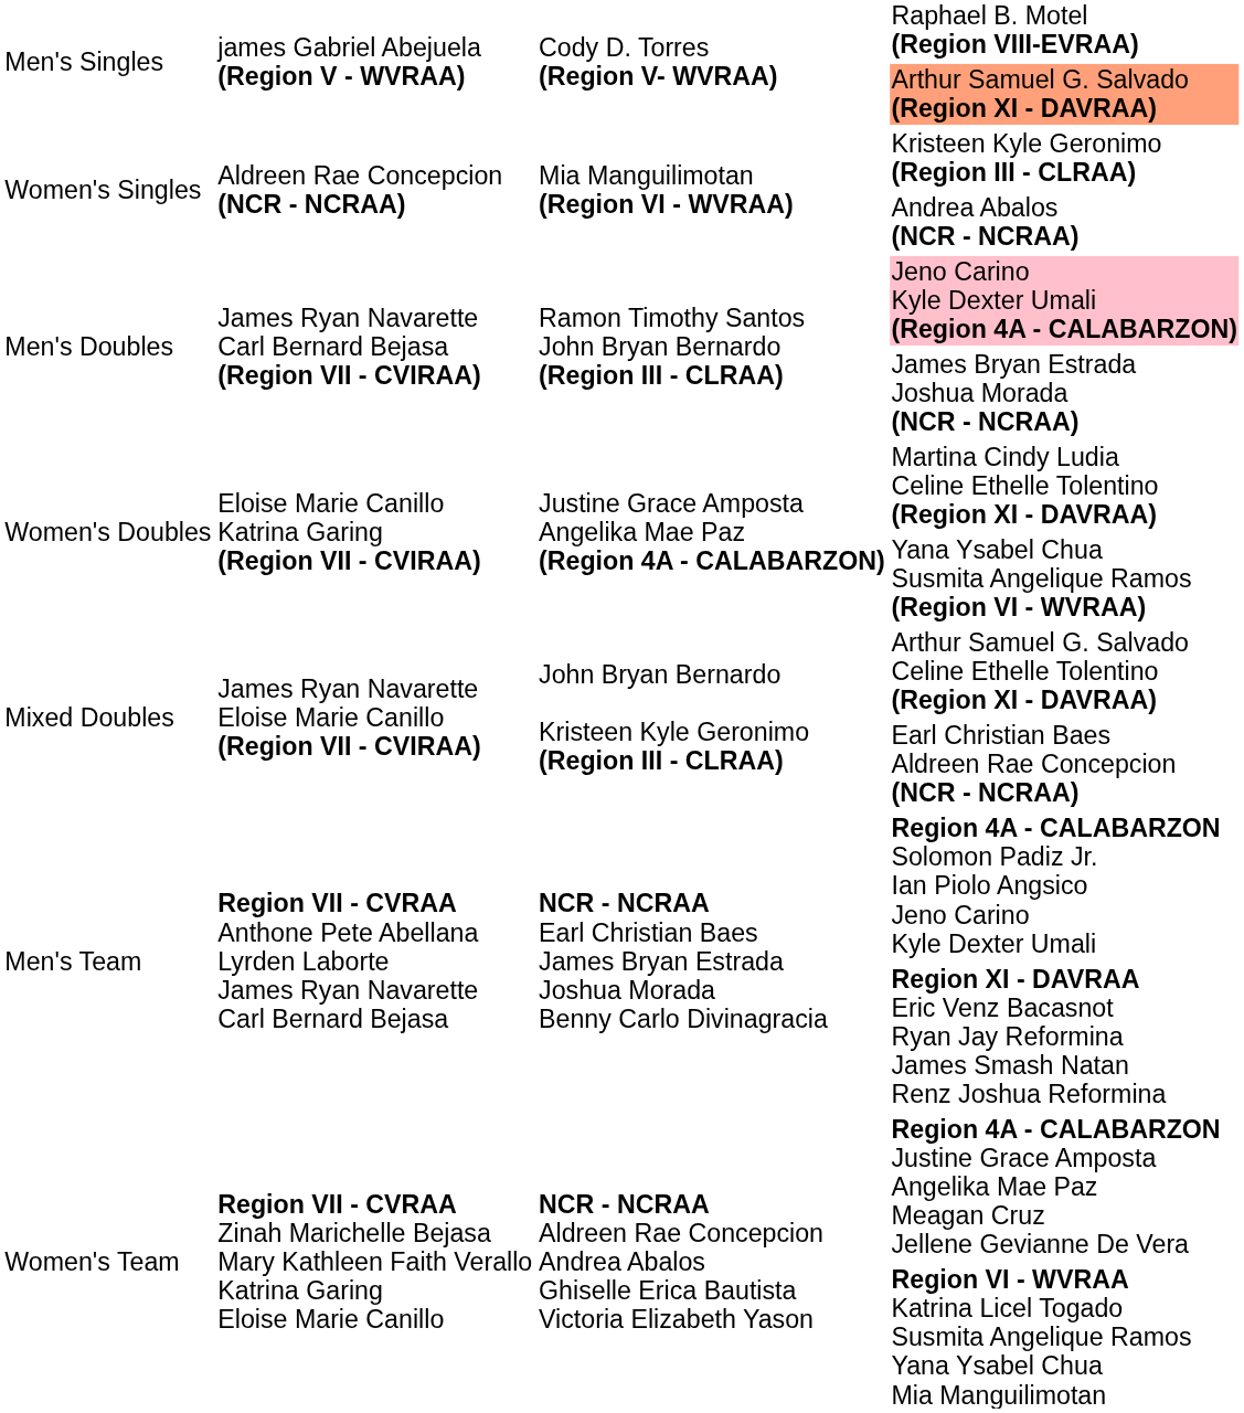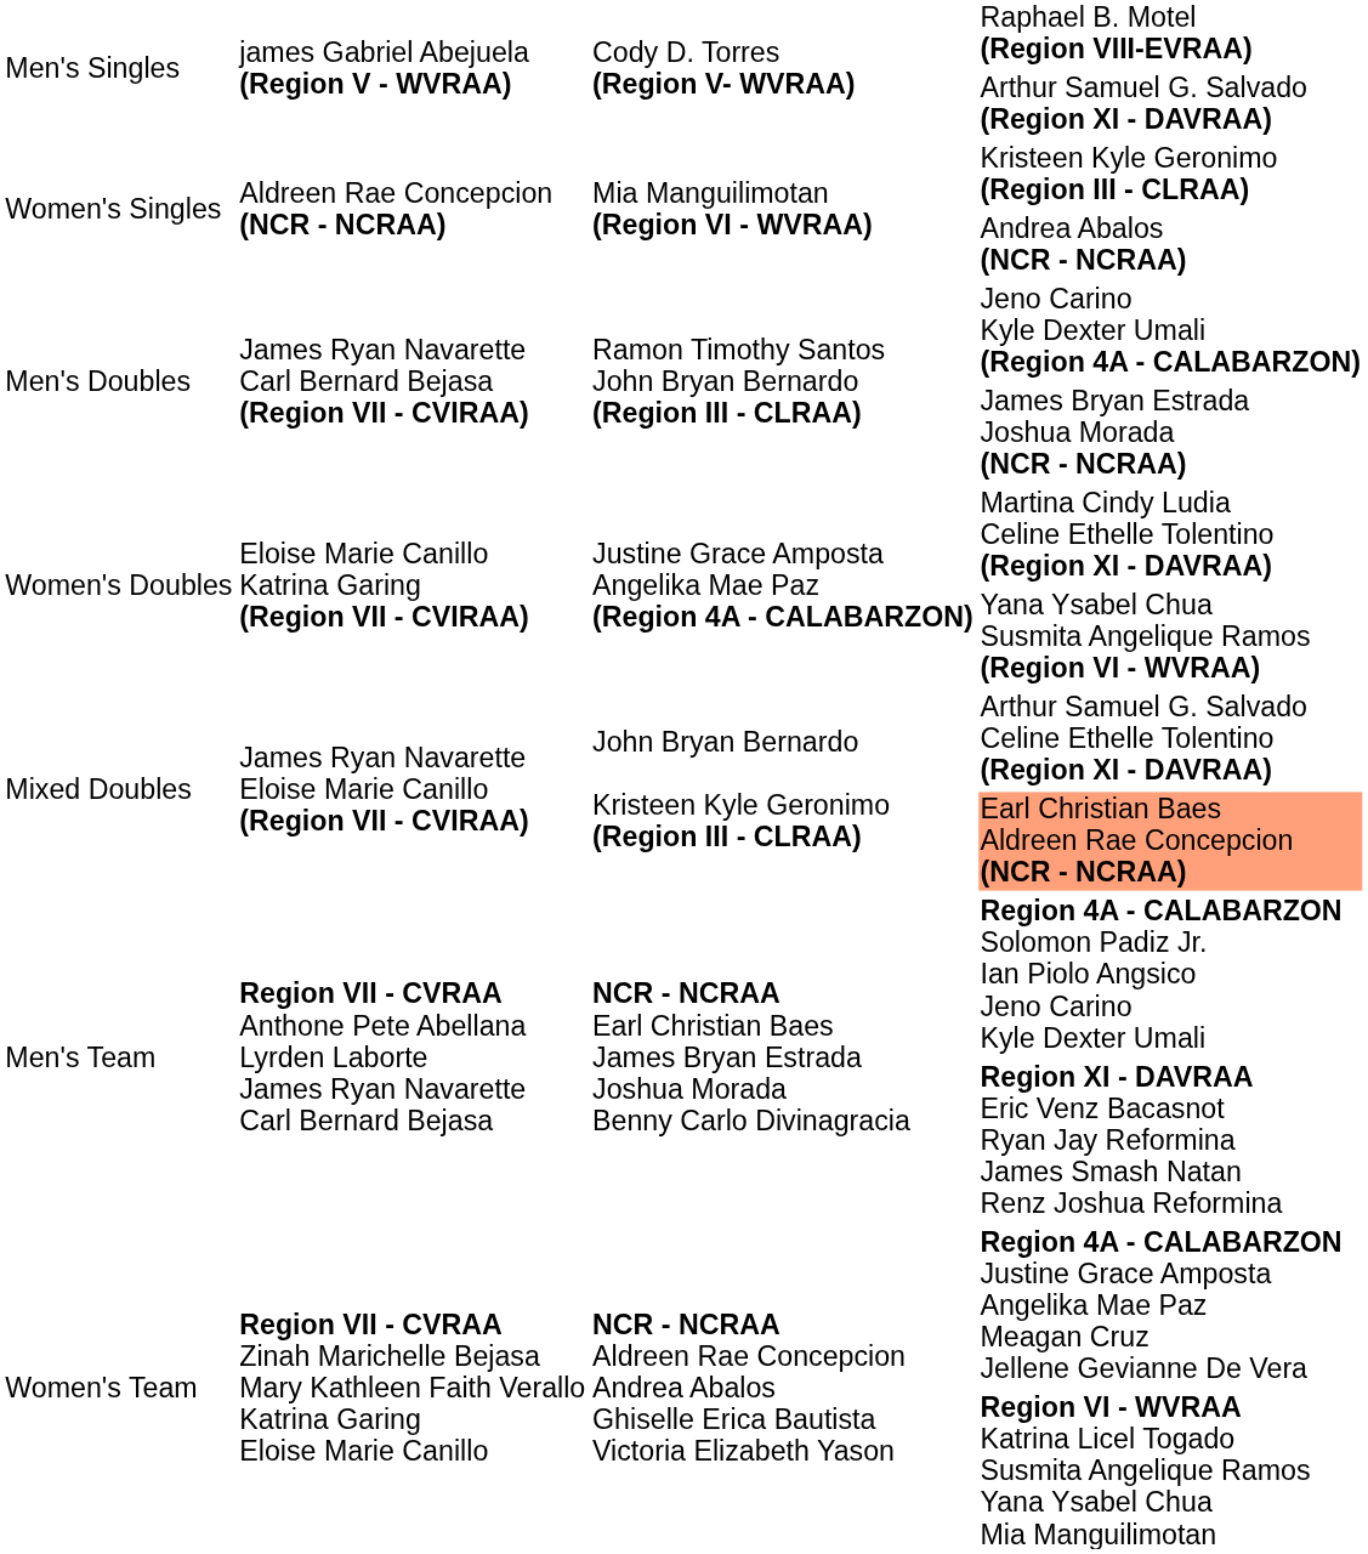 <table>
 <tr>
 <td rowspan=2>Men's Singles</td>
 <td rowspan=2>james Gabriel Abejuela<br><strong>(Region V - WVRAA)</strong></td>
 <td rowspan=2>Cody D. Torres <br><strong>(Region V- WVRAA)</strong></td>
 <td>Raphael B. Motel<br><strong>(Region VIII-EVRAA)</strong></td>
 </tr>
 <tr>
-<td style="background: lightsalmon;">Arthur Samuel G. Salvado<br><strong>(Region XI - DAVRAA)</strong></td>
+<td>Arthur Samuel G. Salvado<br><strong>(Region XI - DAVRAA)</strong></td>
 </tr>
 <tr>
 <td rowspan=2>Women's Singles</td>
 <td rowspan=2>Aldreen Rae Concepcion<br><strong>(NCR - NCRAA)</strong></td>
 <td rowspan=2>Mia Manguilimotan<br><strong>(Region VI - WVRAA)</strong></td>
 <td>Kristeen Kyle Geronimo<br><strong>(Region III - CLRAA)</strong></td>
 </tr>
 <tr>
 <td>Andrea Abalos<br><strong>(NCR - NCRAA)</strong></td>
 </tr>
 <tr>
 <td rowspan=2>Men's Doubles</td>
 <td rowspan=2>James Ryan Navarette<br>Carl Bernard Bejasa<br><strong>(Region VII - CVIRAA)</strong></td>
 <td rowspan=2>Ramon Timothy Santos<br>John Bryan Bernardo<br><strong>(Region III - CLRAA)</strong></td>
-<td style="background: pink;">Jeno Carino<br>Kyle Dexter Umali<br><strong>(Region 4A - CALABARZON)</strong></td>
+<td>Jeno Carino<br>Kyle Dexter Umali<br><strong>(Region 4A - CALABARZON)</strong></td>
 </tr>
 <tr>
 <td>James Bryan Estrada<br>Joshua Morada<br><strong>(NCR - NCRAA)</strong></td>
 </tr>
 <tr>
 <td rowspan=2>Women's Doubles</td>
 <td rowspan=2>Eloise Marie Canillo <br> Katrina Garing<br> <strong>(Region VII - CVIRAA)</strong></td>
 <td rowspan=2>Justine Grace Amposta<br>Angelika Mae Paz<br><strong>(Region 4A - CALABARZON)</strong></td>
 <td>Martina Cindy Ludia<br> Celine Ethelle Tolentino<br><strong>(Region XI - DAVRAA)</strong></td>
 </tr>
 <tr>
 <td>Yana Ysabel Chua<br>Susmita Angelique Ramos<br><strong>(Region VI - WVRAA)</strong></td>
 </tr>
 <tr>
 <td rowspan=2>Mixed Doubles</td>
 <td rowspan=2>James Ryan Navarette <br>Eloise Marie Canillo <br><strong>(Region VII - CVIRAA)</strong></td>
 <td rowspan=2>John Bryan Bernardo<br> <br>Kristeen Kyle Geronimo<br> <strong>(Region III - CLRAA)</strong></td>
 <td>Arthur Samuel G. Salvado<br>Celine Ethelle Tolentino<br><strong>(Region XI - DAVRAA)</strong></td>
 </tr>
 <tr>
-<td>Earl Christian Baes <br> Aldreen Rae Concepcion <br><strong>(NCR - NCRAA)</strong></td>
+<td style="background: lightsalmon;">Earl Christian Baes <br> Aldreen Rae Concepcion <br><strong>(NCR - NCRAA)</strong></td>
 </tr>
 <tr>
 <td rowspan=2>Men's Team</td>
 <td rowspan=2><strong>Region VII - CVRAA</strong><br>Anthone Pete Abellana<br>Lyrden Laborte<br>James Ryan Navarette<br>Carl Bernard Bejasa</td>
 <td rowspan=2><strong>NCR - NCRAA</strong><br>Earl Christian Baes<br>James Bryan Estrada<br>Joshua Morada<br>Benny Carlo Divinagracia</td>
 <td><strong>Region 4A - CALABARZON</strong><br>Solomon Padiz Jr.<br>Ian Piolo Angsico<br>Jeno Carino<br>Kyle Dexter Umali</td>
 </tr>
 <tr>
 <td><strong>Region XI - DAVRAA</strong><br>Eric Venz Bacasnot<br>Ryan Jay Reformina<br>James Smash Natan<br>Renz Joshua Reformina</td>
 </tr>
 <tr>
 <td rowspan=2>Women's Team</td>
 <td rowspan=2><strong>Region VII - CVRAA</strong><br>Zinah Marichelle Bejasa<br>Mary Kathleen Faith Verallo<br>Katrina Garing<br>Eloise Marie Canillo</td>
 <td rowspan=2><strong>NCR - NCRAA</strong><br>Aldreen Rae Concepcion<br>Andrea Abalos<br>Ghiselle Erica Bautista<br>Victoria Elizabeth Yason</td>
 <td><strong>Region 4A - CALABARZON</strong><br>Justine Grace Amposta<br>Angelika Mae Paz<br>Meagan Cruz<br>Jellene Gevianne De Vera</td>
 </tr>
 <tr>
 <td><strong>Region VI - WVRAA</strong><br>Katrina Licel Togado<br>Susmita Angelique Ramos<br>Yana Ysabel Chua<br>Mia Manguilimotan</td>
 </tr>
 </table>
